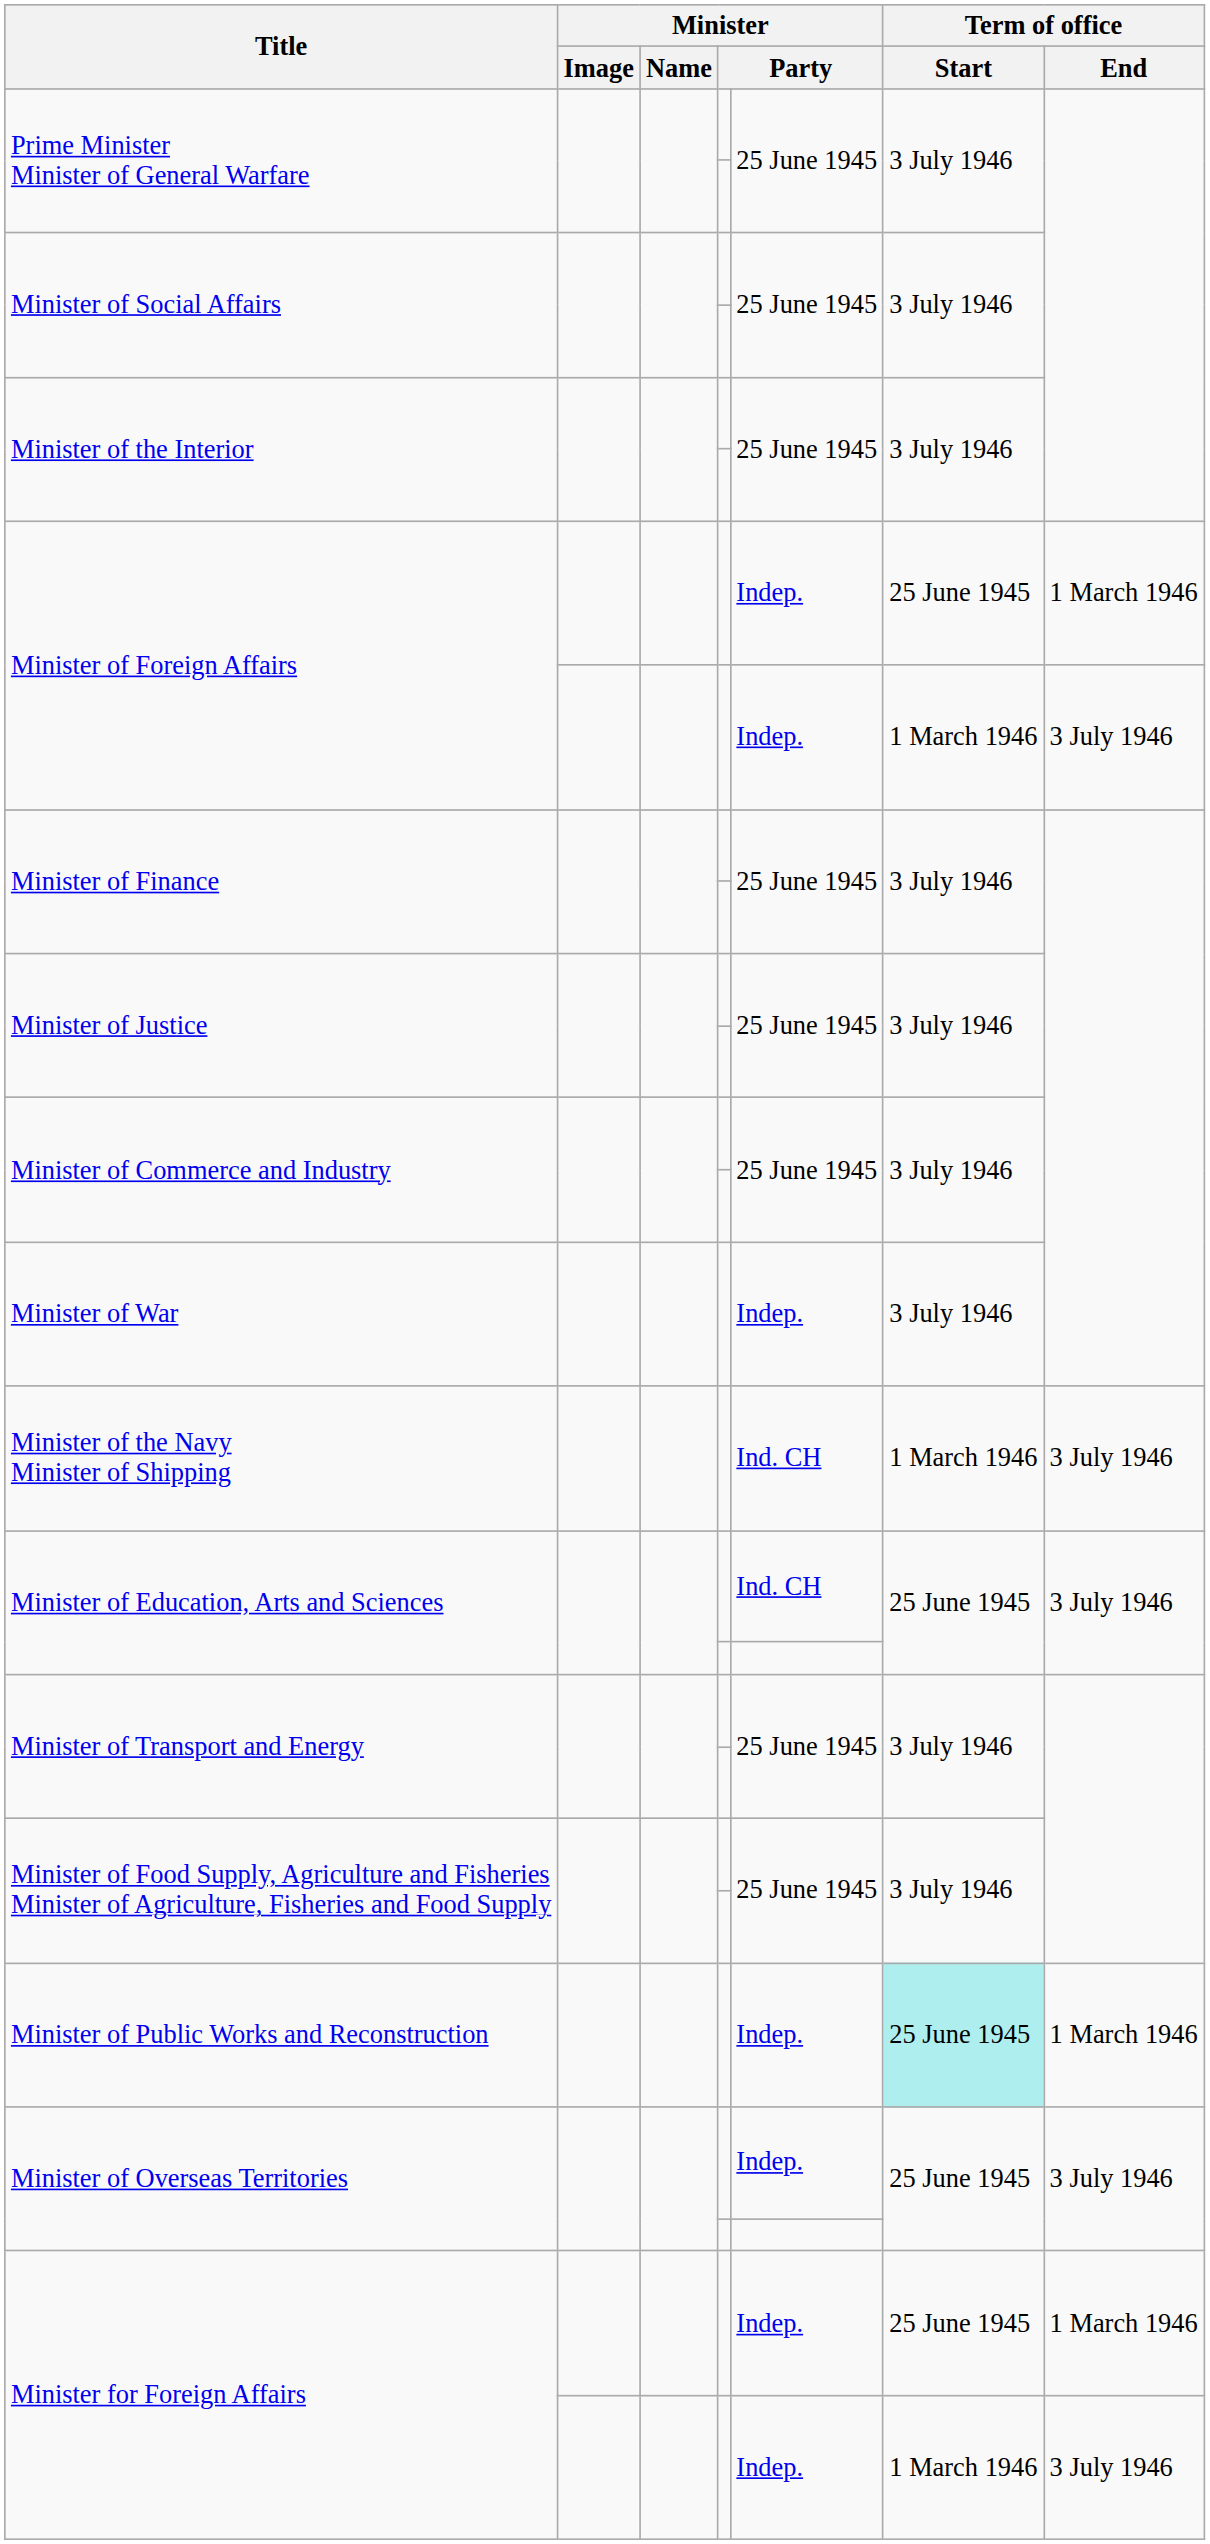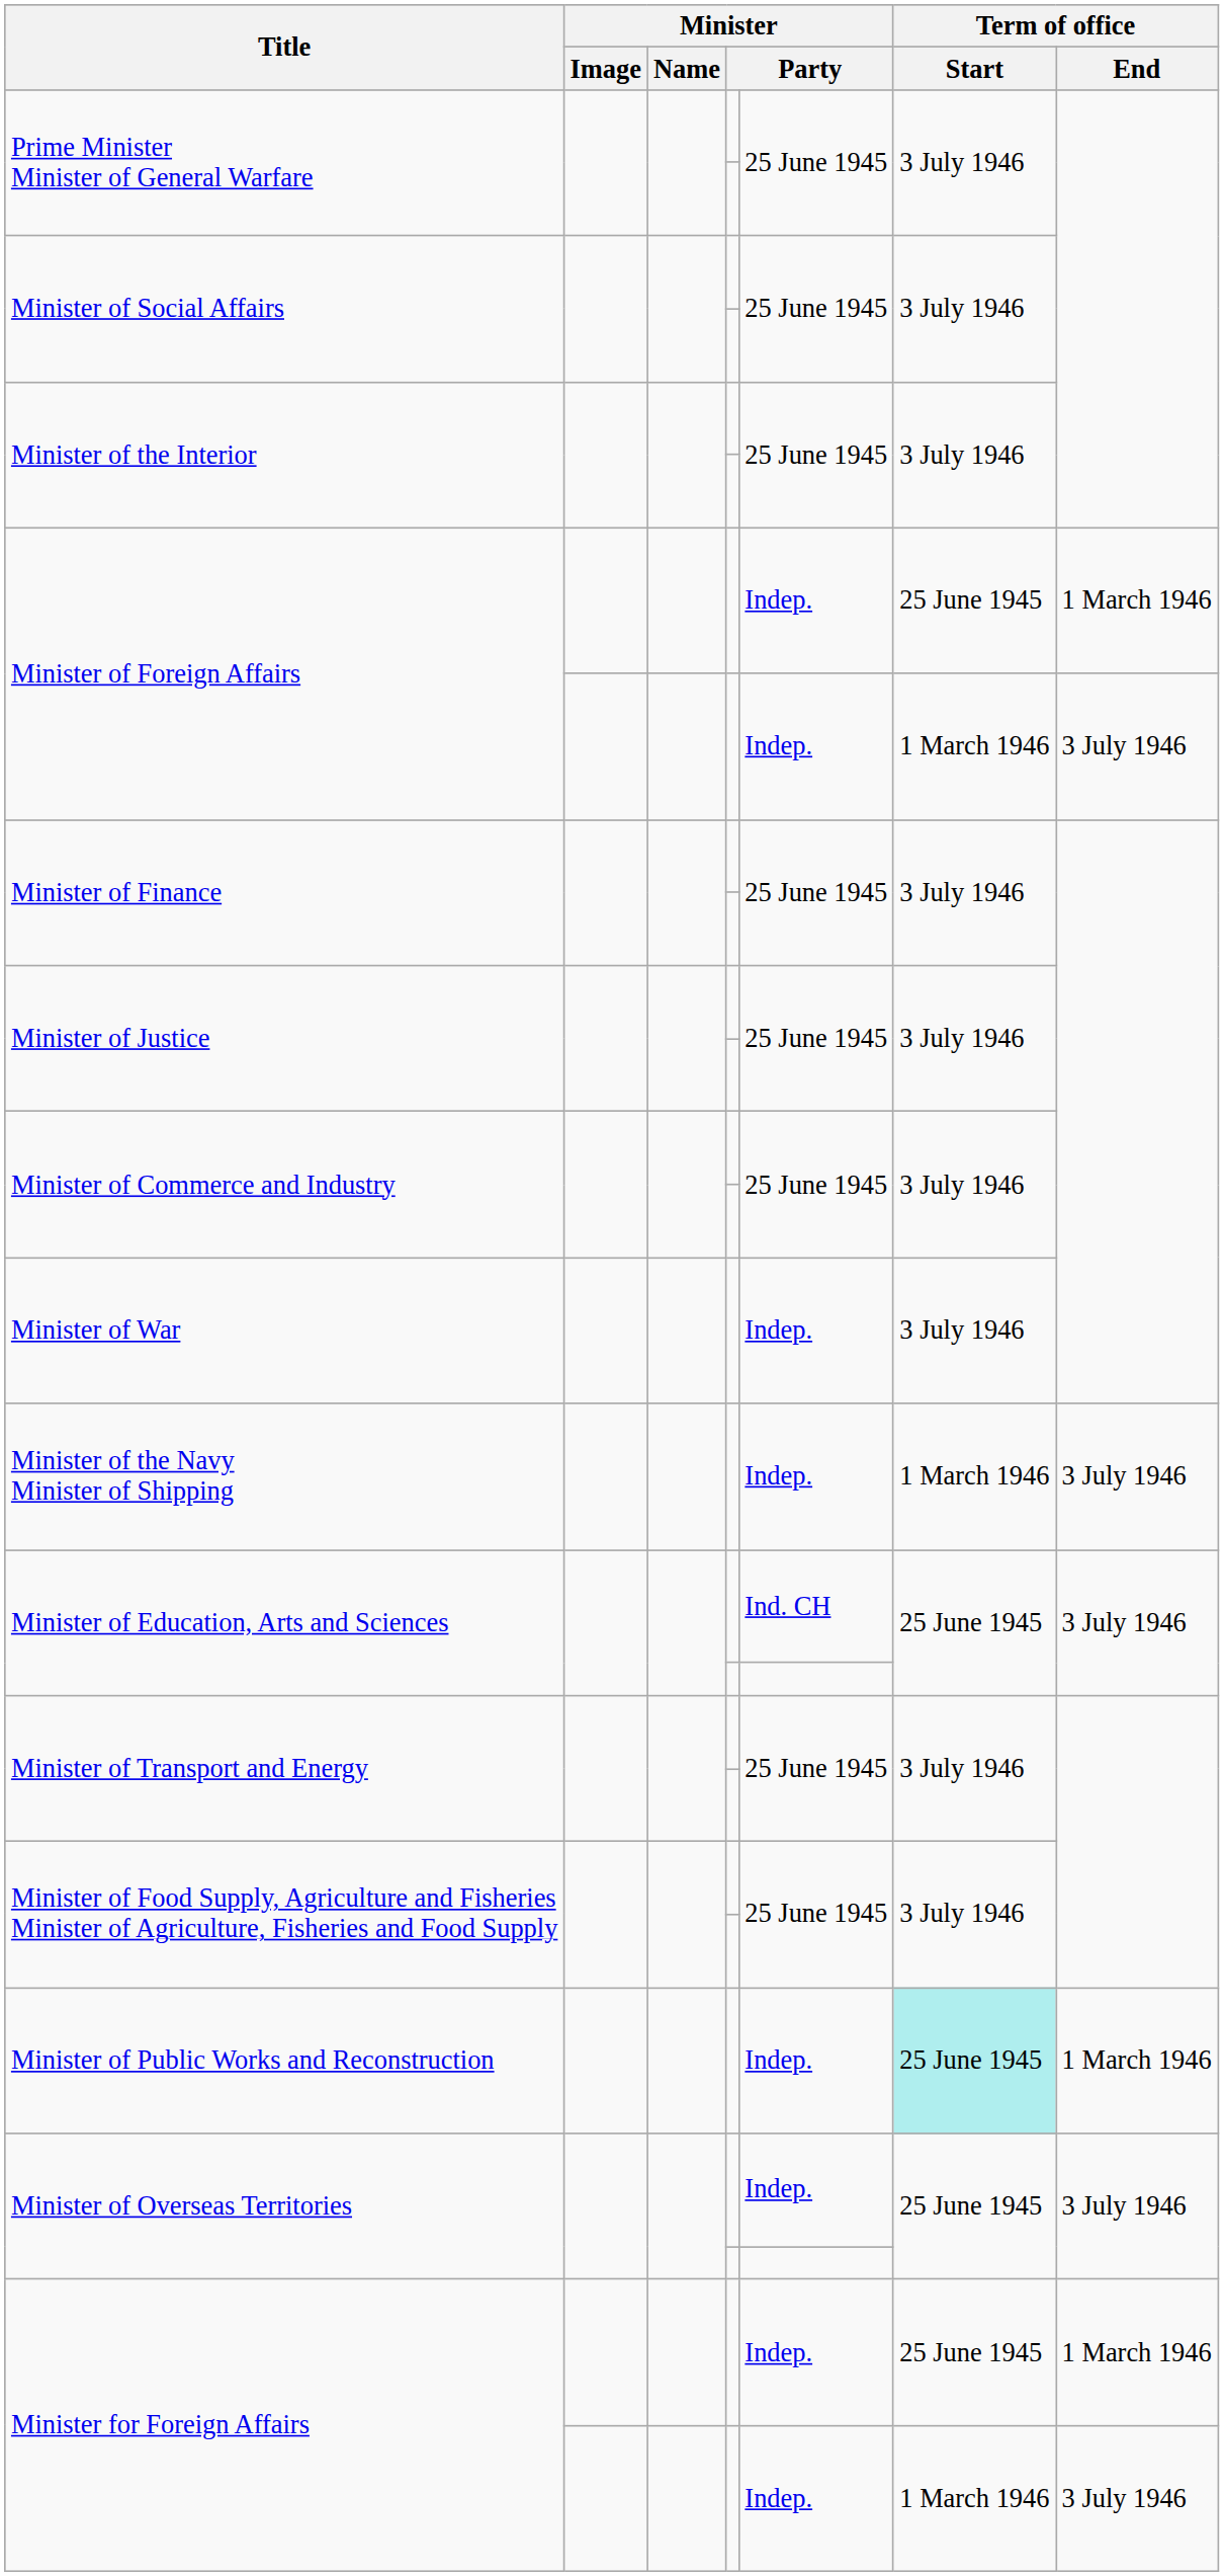 <table class="wikitable sortable" style="text-align:left">
 <tr>
 <th rowspan="2">Title</th>
 <th colspan="4">Minister</th>
 <th colspan="2">Term of office</th>
 </tr>
 <tr>
 <th class="unsortable">Image</th>
 <th>Name</th>
 <th colspan="2">Party</th>
 <th data-sort-type="date">Start</th>
 <th data-sort-type=date>End</th>
 </tr>
 <tr>
 <td rowspan=2><a href='#'>Prime Minister</a> <br> <a href='#'>Minister of General Warfare</a></td>
 <td rowspan=2 height="80px"></td>
 <td rowspan=2></td>
 <td></td>
 <td rowspan=2>25 June 1945</td>
 <td rowspan=2>3 July 1946</td>
 </tr>
 <tr>
 <td></td>
 </tr>
 <tr>
 <td rowspan=2><a href='#'>Minister of Social Affairs</a></td>
 <td rowspan=2 height="80px"></td>
 <td rowspan=2></td>
 <td></td>
 <td rowspan=2>25 June 1945</td>
 <td rowspan=2>3 July 1946</td>
 </tr>
 <tr>
 <td></td>
 </tr>
 <tr>
 <td rowspan=2><a href='#'>Minister of the Interior</a></td>
 <td rowspan=2 height="80px"></td>
 <td rowspan=2></td>
 <td></td>
 <td rowspan=2>25 June 1945</td>
 <td rowspan=2>3 July 1946</td>
 </tr>
 <tr>
 <td></td>
 </tr>
 <tr>
 <td rowspan=2><a href='#'>Minister of Foreign Affairs</a></td>
 <td height="80px"></td>
 <td></td>
 <td style="background:"></td>
 <td><a href='#'>Indep.</a></td>
 <td>25 June 1945</td>
 <td>1 March 1946</td>
 </tr>
 <tr>
 <td height="80px"></td>
 <td></td>
 <td style="background:"></td>
 <td><a href='#'>Indep.</a></td>
 <td>1 March 1946</td>
 <td>3 July 1946</td>
 </tr>
 <tr>
 <td rowspan=2><a href='#'>Minister of Finance</a></td>
 <td rowspan=2 height="80px"></td>
 <td rowspan=2></td>
 <td></td>
 <td rowspan=2>25 June 1945</td>
 <td rowspan=2>3 July 1946</td>
 </tr>
 <tr>
 <td></td>
 </tr>
 <tr>
 <td rowspan=2><a href='#'>Minister of Justice</a></td>
 <td rowspan=2 height="80px"></td>
 <td rowspan=2></td>
 <td></td>
 <td rowspan=2>25 June 1945</td>
 <td rowspan=2>3 July 1946</td>
 </tr>
 <tr>
 <td></td>
 </tr>
 <tr>
 <td rowspan=2><a href='#'>Minister of Commerce and Industry</a></td>
 <td rowspan=2 height="80px"></td>
 <td rowspan=2></td>
 <td></td>
 <td rowspan=2>25 June 1945</td>
 <td rowspan=2>3 July 1946</td>
 </tr>
 <tr>
 <td></td>
 </tr>
 <tr>
 <td><a href='#'>Minister of War</a></td>
 <td height="80px"></td>
 <td></td>
 <td></td>
 <td><a href='#'>Indep.</a></td>
 <td>3 July 1946</td>
 </tr>
 <tr>
 <td><a href='#'>Minister of the Navy</a> <br> <a href='#'>Minister of Shipping</a> </td>
 <td height="80px"></td>
 <td></td>
 <td style="background:"></td>
-<td><a href='#'>Ind. CH</a></td>
+<td><a href='#'>Indep.</a></td>
 <td>1 March 1946</td>
 <td>3 July 1946</td>
 </tr>
 <tr>
 <td rowspan=2><a href='#'>Minister of Education, Arts and Sciences</a></td>
 <td rowspan=2 height="80px"></td>
 <td rowspan=2></td>
 <td style="background:"></td>
 <td><a href='#'>Ind. CH</a></td>
 <td rowspan=2>25 June 1945</td>
 <td rowspan=2>3 July 1946</td>
 </tr>
 <tr>
 <td></td>
 </tr>
 <tr>
 <td rowspan=2><a href='#'>Minister of Transport and Energy</a></td>
 <td rowspan=2 height="80px"></td>
 <td rowspan=2></td>
 <td></td>
 <td rowspan=2>25 June 1945</td>
 <td rowspan=2>3 July 1946</td>
 </tr>
 <tr>
 <td></td>
 </tr>
 <tr>
 <td rowspan=2><a href='#'>Minister of Food Supply, Agriculture and Fisheries</a>  <br> <a href='#'>Minister of Agriculture, Fisheries and Food Supply</a> </td>
 <td rowspan=2 height="80px"></td>
 <td rowspan=2></td>
 <td></td>
 <td rowspan=2>25 June 1945</td>
 <td rowspan=2>3 July 1946</td>
 </tr>
 <tr>
 <td></td>
 </tr>
 <tr>
 <td><a href='#'>Minister of Public Works and Reconstruction</a></td>
 <td height="80px"></td>
 <td></td>
 <td style="background:"></td>
 <td><a href='#'>Indep.</a></td>
 <td style="background: paleturquoise;">25 June 1945</td>
 <td>1 March 1946</td>
 </tr>
 <tr>
 <td rowspan=2><a href='#'>Minister of Overseas Territories</a></td>
 <td rowspan=2 height="80px"></td>
 <td rowspan=2></td>
 <td style="background:"></td>
 <td><a href='#'>Indep.</a></td>
 <td rowspan=2>25 June 1945</td>
 <td rowspan=2>3 July 1946</td>
 </tr>
 <tr>
 <td></td>
 </tr>
 <tr>
 <td rowspan=2><a href='#'>Minister for Foreign Affairs</a></td>
 <td height="80px"></td>
 <td></td>
 <td style="background:"></td>
 <td><a href='#'>Indep.</a></td>
 <td>25 June 1945</td>
 <td>1 March 1946</td>
 </tr>
 <tr>
 <td height="80px"></td>
 <td></td>
 <td style="background:"></td>
 <td><a href='#'>Indep.</a></td>
 <td>1 March 1946</td>
 <td>3 July 1946</td>
 </tr>
 </table>
